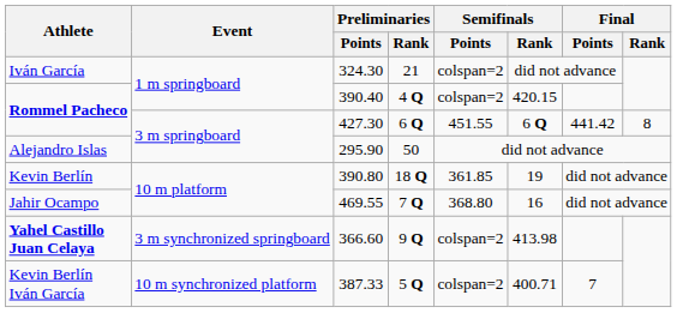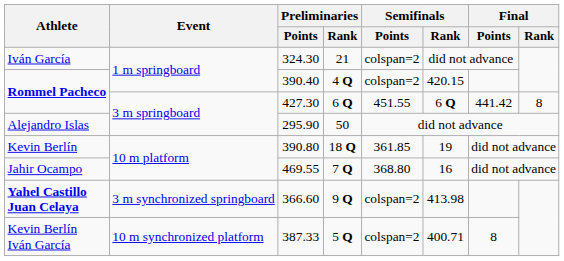 <table class="wikitable" style="text-align:center; font-size:90%">
 <tr>
 <th rowspan=2>Athlete</th>
 <th rowspan=2>Event</th>
 <th colspan=2>Preliminaries</th>
 <th colspan=2>Semifinals</th>
 <th colspan=2>Final</th>
 </tr>
 <tr style="font-size:95%">
 <th>Points</th>
 <th>Rank</th>
 <th>Points</th>
 <th>Rank</th>
 <th>Points</th>
 <th>Rank</th>
 </tr>
 <tr>
 <td align=left><a href='#'>Iván García</a></td>
 <td align=left rowspan=2><a href='#'>1 m springboard</a></td>
 <td>324.30</td>
 <td>21</td>
 <td>colspan=2 </td>
 <td colspan=2>did not advance</td>
 </tr>
 <tr>
 <td align=left rowspan=2><strong><a href='#'>Rommel Pacheco</a></strong></td>
 <td>390.40</td>
 <td>4 <strong>Q</strong></td>
 <td>colspan=2 </td>
 <td>420.15</td>
 <td></td>
 </tr>
 <tr>
 <td rowspan=2 align=left><a href='#'>3 m springboard</a></td>
 <td>427.30</td>
 <td>6 <strong>Q</strong></td>
 <td>451.55</td>
 <td>6 <strong>Q</strong></td>
 <td>441.42</td>
 <td>8</td>
 </tr>
 <tr>
 <td align=left><a href='#'>Alejandro Islas</a></td>
 <td>295.90</td>
 <td>50</td>
 <td colspan=4>did not advance</td>
 </tr>
 <tr>
 <td align=left><a href='#'>Kevin Berlín</a></td>
 <td rowspan=2 align=left><a href='#'>10 m platform</a></td>
 <td>390.80</td>
 <td>18 <strong>Q</strong></td>
 <td>361.85</td>
 <td>19</td>
 <td colspan=2>did not advance</td>
 </tr>
 <tr>
 <td align=left><a href='#'>Jahir Ocampo</a></td>
 <td>469.55</td>
 <td>7 <strong>Q</strong></td>
 <td>368.80</td>
 <td>16</td>
 <td colspan=2>did not advance</td>
 </tr>
 <tr>
 <td align=left><strong><a href='#'>Yahel Castillo</a><br><a href='#'>Juan Celaya</a></strong></td>
 <td align=left><a href='#'>3 m synchronized springboard</a></td>
 <td>366.60</td>
 <td>9 <strong>Q</strong></td>
 <td>colspan=2 </td>
 <td>413.98</td>
 <td></td>
 </tr>
 <tr>
 <td align=left><a href='#'>Kevin Berlín</a><br><a href='#'>Iván García</a></td>
 <td align=left><a href='#'>10 m synchronized platform</a></td>
 <td>387.33</td>
 <td>5 <strong>Q</strong></td>
 <td>colspan=2 </td>
 <td>400.71</td>
-<td>7</td>
+<td>8</td>
 </tr>
 </table>
